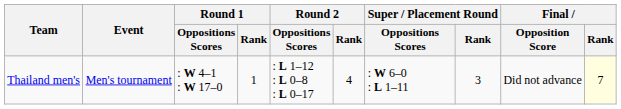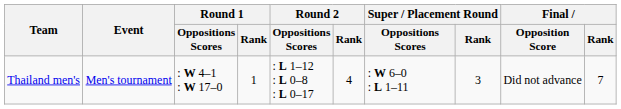 <table class=wikitable style="font-size:90%; text-align:center;">
 <tr>
 <th rowspan=2>Team</th>
 <th rowspan=2>Event</th>
 <th colspan=2>Round 1</th>
 <th colspan=2>Round 2</th>
 <th colspan=2>Super / Placement Round</th>
 <th colspan=2>Final / </th>
 </tr>
 <tr style=font-size:95%>
 <th>Oppositions<br>Scores</th>
 <th>Rank</th>
 <th>Oppositions<br>Scores</th>
 <th>Rank</th>
 <th>Oppositions<br>Scores</th>
 <th>Rank</th>
 <th>Opposition<br>Score</th>
 <th>Rank</th>
 </tr>
 <tr>
 <td align=left><a href='#'>Thailand men's</a></td>
 <td align=left><a href='#'>Men's tournament</a></td>
 <td align=left>: <strong>W</strong> 4–1<br>: <strong>W</strong> 17–0</td>
 <td>1 <strong></strong></td>
 <td align=left>: <strong>L</strong> 1–12<br>: <strong>L</strong> 0–8<br>: <strong>L</strong> 0–17</td>
 <td>4 <strong></strong></td>
 <td align=left>: <strong>W</strong> 6–0<br>: <strong>L</strong> 1–11</td>
 <td>3</td>
 <td>Did not advance</td>
-<td style="background: lightyellow;">7</td>
+<td>7</td>
 </tr>
 </table>
